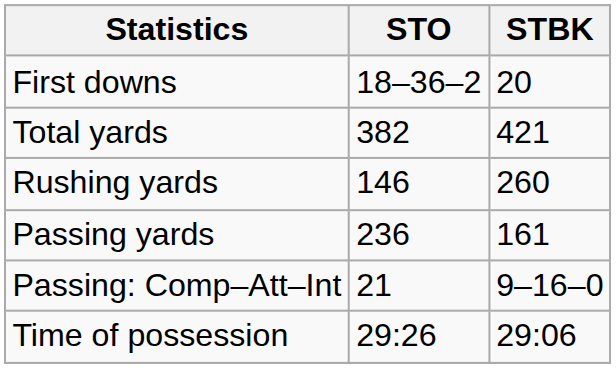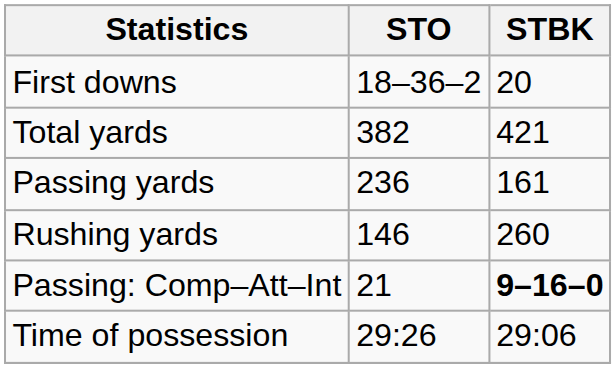 <table class="wikitable" style="float: left;">
 <tr>
 <th>Statistics</th>
 <th>STO</th>
 <th>STBK</th>
 </tr>
 <tr>
 <td>First downs</td>
 <td>18–36–2</td>
 <td>20</td>
 </tr>
 <tr>
 <td>Total yards</td>
 <td>382</td>
 <td>421</td>
 </tr>
 <tr>
+<td>Passing yards</td>
+<td>236</td>
+<td>161</td>
+</tr>
+<tr>
 <td>Rushing yards</td>
 <td>146</td>
 <td>260</td>
 </tr>
 <tr>
-<td>Passing yards</td>
-<td>236</td>
-<td>161</td>
-</tr>
-<tr>
 <td>Passing: Comp–Att–Int</td>
 <td>21</td>
-<td>9–16–0</td>
+<td><strong>9–16–0</strong></td>
 </tr>
 <tr>
 <td>Time of possession</td>
 <td>29:26</td>
 <td>29:06</td>
 </tr>
 <tr>
 </tr>
 </table>
